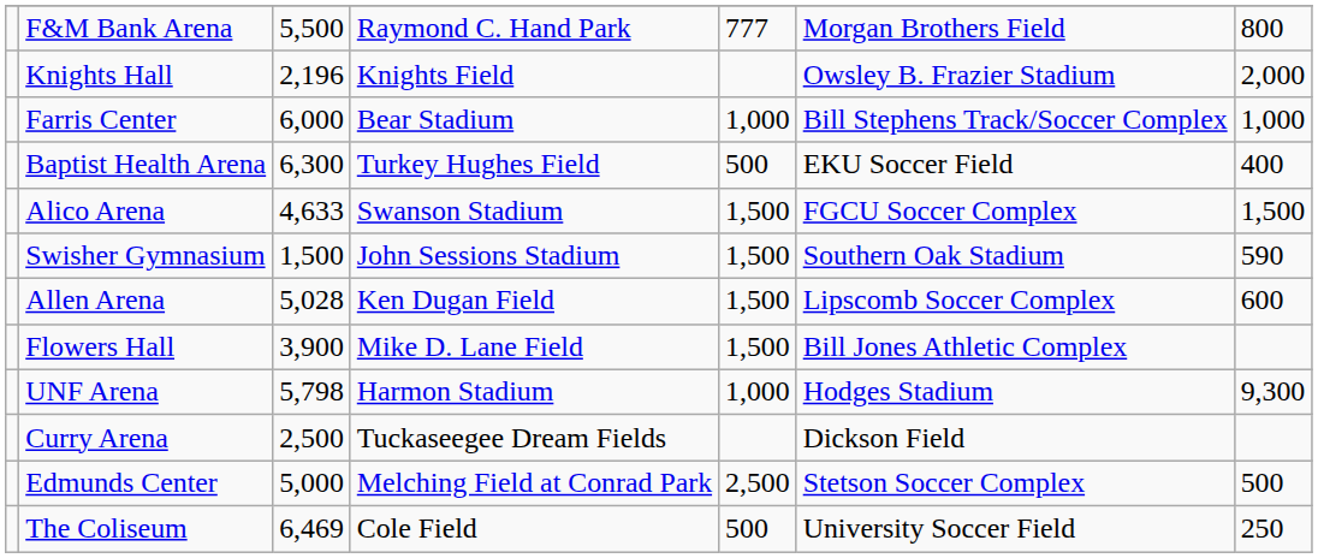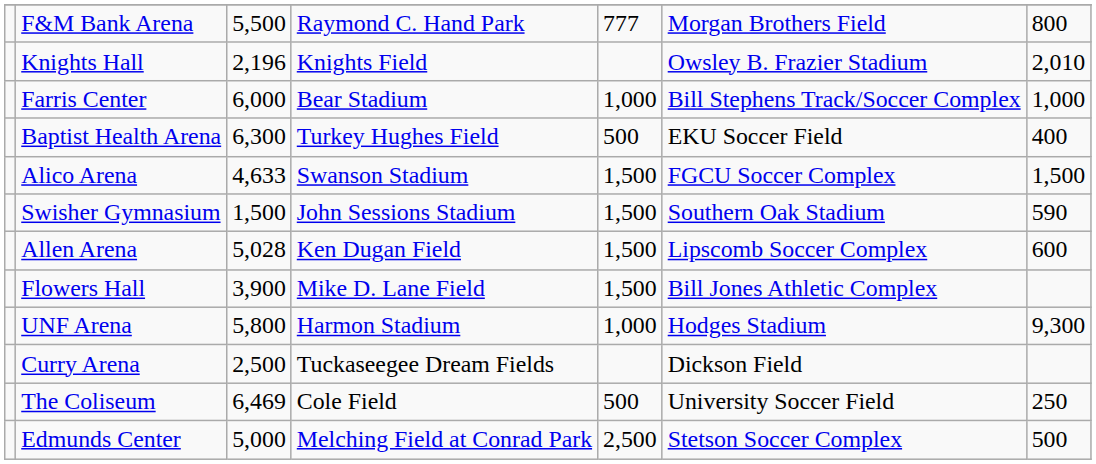 <table class="wikitable">
 <tr>
 </tr>
 <tr>
 <td style="text-align:center; "><a href='#'></a></td>
 <td><a href='#'>F&M Bank Arena</a></td>
 <td>5,500</td>
 <td><a href='#'>Raymond C. Hand Park</a></td>
 <td>777</td>
 <td><a href='#'>Morgan Brothers Field</a></td>
 <td>800</td>
 </tr>
 <tr>
 <td style="text-align:center; "><a href='#'></a></td>
 <td><a href='#'>Knights Hall</a></td>
 <td>2,196</td>
 <td><a href='#'>Knights Field</a></td>
 <td></td>
 <td><a href='#'>Owsley B. Frazier Stadium</a></td>
-<td>2,000</td>
+<td>2,010</td>
 </tr>
 <tr>
 <td style="text-align:center; "><a href='#'></a></td>
 <td><a href='#'>Farris Center</a></td>
 <td>6,000</td>
 <td><a href='#'>Bear Stadium</a></td>
 <td>1,000</td>
 <td><a href='#'>Bill Stephens Track/Soccer Complex</a></td>
 <td>1,000</td>
 </tr>
 <tr>
 <td style="text-align:center; "><a href='#'></a></td>
 <td><a href='#'>Baptist Health Arena</a></td>
 <td>6,300</td>
 <td><a href='#'>Turkey Hughes Field</a></td>
 <td>500</td>
 <td>EKU Soccer Field</td>
 <td>400</td>
 </tr>
 <tr>
 <td style="text-align:center; "><a href='#'></a></td>
 <td><a href='#'>Alico Arena</a></td>
 <td>4,633</td>
 <td><a href='#'>Swanson Stadium</a></td>
 <td>1,500</td>
 <td><a href='#'>FGCU Soccer Complex</a></td>
 <td>1,500</td>
 </tr>
 <tr>
 <td style="text-align:center; "><a href='#'></a></td>
 <td><a href='#'>Swisher Gymnasium</a></td>
 <td>1,500</td>
 <td><a href='#'>John Sessions Stadium</a></td>
 <td>1,500</td>
 <td><a href='#'>Southern Oak Stadium</a></td>
 <td>590</td>
 </tr>
 <tr>
 <td style="text-align:center; "><a href='#'></a></td>
 <td><a href='#'>Allen Arena</a></td>
 <td>5,028</td>
 <td><a href='#'>Ken Dugan Field</a></td>
 <td>1,500</td>
 <td><a href='#'>Lipscomb Soccer Complex</a></td>
 <td>600</td>
 </tr>
 <tr>
 <td style="text-align:center; "><a href='#'></a></td>
 <td><a href='#'>Flowers Hall</a></td>
 <td>3,900</td>
 <td><a href='#'>Mike D. Lane Field</a></td>
 <td>1,500</td>
 <td><a href='#'>Bill Jones Athletic Complex</a></td>
 <td></td>
 </tr>
 <tr>
 <td style="text-align:center; "><a href='#'></a></td>
 <td><a href='#'>UNF Arena</a></td>
-<td>5,798</td>
+<td>5,800</td>
 <td><a href='#'>Harmon Stadium</a></td>
 <td>1,000</td>
 <td><a href='#'>Hodges Stadium</a></td>
 <td>9,300</td>
 </tr>
 <tr>
 <td style="text-align:center; "><a href='#'></a></td>
 <td><a href='#'>Curry Arena</a></td>
 <td>2,500</td>
 <td>Tuckaseegee Dream Fields</td>
 <td></td>
 <td>Dickson Field</td>
 <td></td>
 </tr>
 <tr>
 <td style="text-align:center; "><a href='#'></a></td>
+<td><a href='#'>The Coliseum</a></td>
+<td>6,469</td>
+<td>Cole Field</td>
+<td>500</td>
+<td>University Soccer Field</td>
+<td>250</td>
+</tr>
+<tr>
+<td style="text-align:center; "><a href='#'></a></td>
 <td><a href='#'>Edmunds Center</a></td>
 <td>5,000</td>
 <td><a href='#'>Melching Field at Conrad Park</a></td>
 <td>2,500</td>
 <td><a href='#'>Stetson Soccer Complex</a></td>
 <td>500</td>
 </tr>
-<tr>
-<td style="text-align:center; "><a href='#'></a></td>
-<td><a href='#'>The Coliseum</a></td>
-<td>6,469</td>
-<td>Cole Field</td>
-<td>500</td>
-<td>University Soccer Field</td>
-<td>250</td>
-</tr>
 </table>
